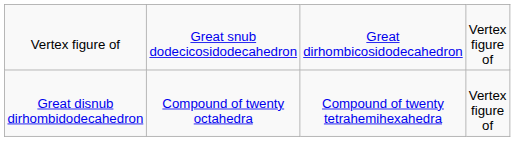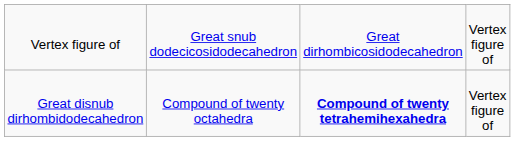 <table class="wikitable" width="400" style="vertical-align:top;text-align:center">
 <tr>
 <td><br>Vertex figure of </td>
 <td><br><a href='#'>Great snub dodecicosidodecahedron</a></td>
 <td><br><a href='#'>Great dirhombicosidodecahedron</a></td>
 <td><br>Vertex figure of </td>
 </tr>
 <tr>
 <td><br><a href='#'>Great disnub dirhombidodecahedron</a></td>
 <td><br><a href='#'>Compound of twenty octahedra</a></td>
-<td><br><a href='#'>Compound of twenty tetrahemihexahedra</a></td>
+<td><strong><br><a href='#'>Compound of twenty tetrahemihexahedra</a></strong></td>
 <td><br>Vertex figure of </td>
 </tr>
 </table>
